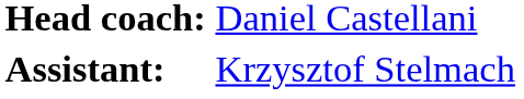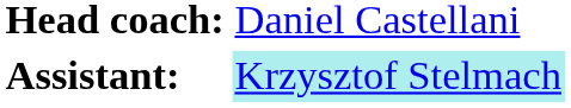 <table>
 <tr>
 <td><strong>Head coach:</strong></td>
 <td><a href='#'>Daniel Castellani</a></td>
 </tr>
 <tr>
 <td><strong>Assistant:</strong></td>
-<td><a href='#'>Krzysztof Stelmach</a></td>
+<td style="background: paleturquoise;"><a href='#'>Krzysztof Stelmach</a></td>
 </tr>
 </table>
